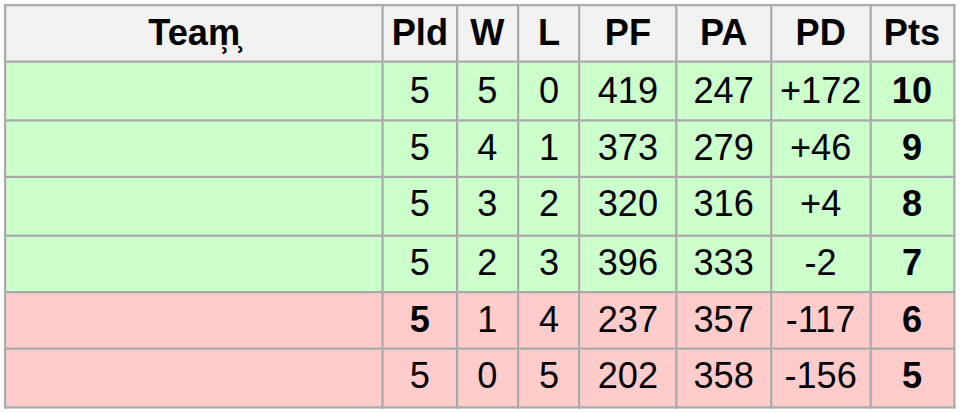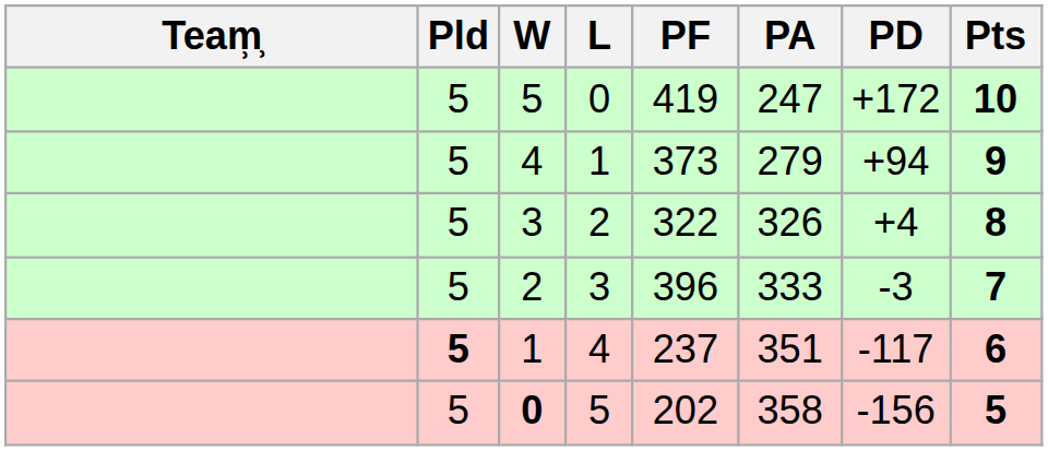 <table class=wikitable style="text-align:center">
 <tr>
 <th width=160>Team̹̹</th>
 <th width=20>Pld</th>
 <th width=20>W</th>
 <th width=20>L</th>
 <th width=35>PF</th>
 <th width=35>PA</th>
 <th width=35>PD</th>
 <th width=30>Pts</th>
 </tr>
 <tr style="background:#cfc;">
 <td align=left></td>
 <td>5</td>
 <td>5</td>
 <td>0</td>
 <td>419</td>
 <td>247</td>
 <td>+172</td>
 <td><strong>10</strong></td>
 </tr>
 <tr style="background:#cfc;">
 <td align=left></td>
 <td>5</td>
 <td>4</td>
 <td>1</td>
 <td>373</td>
 <td>279</td>
-<td>+46</td>
+<td>+94</td>
 <td><strong>9</strong></td>
 </tr>
 <tr style="background:#cfc;">
 <td align=left></td>
 <td>5</td>
 <td>3</td>
 <td>2</td>
-<td>320</td>
-<td>316</td>
+<td>322</td>
+<td>326</td>
 <td>+4</td>
 <td><strong>8</strong></td>
 </tr>
 <tr style="background:#cfc;">
 <td align=left></td>
 <td>5</td>
 <td>2</td>
 <td>3</td>
 <td>396</td>
 <td>333</td>
-<td>-2</td>
+<td>-3</td>
 <td><strong>7</strong></td>
 </tr>
 <tr style="background:#fcc;">
 <td align=left></td>
 <td><strong>5</strong></td>
 <td>1</td>
 <td>4</td>
 <td>237</td>
-<td>357</td>
+<td>351</td>
 <td>-117</td>
 <td><strong>6</strong></td>
 </tr>
 <tr style="background:#fcc;">
 <td align=left></td>
 <td>5</td>
-<td>0</td>
+<td><strong>0</strong></td>
 <td>5</td>
 <td>202</td>
 <td>358</td>
 <td>-156</td>
 <td><strong>5</strong></td>
 </tr>
 </table>
